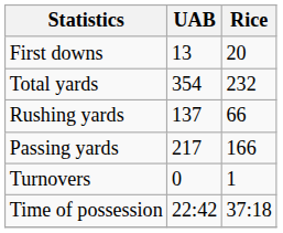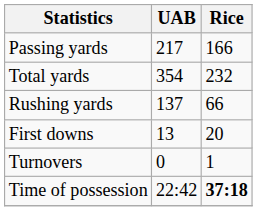 <table class="wikitable">
 <tr>
 <th>Statistics</th>
 <th>UAB</th>
 <th>Rice</th>
 </tr>
 <tr>
-<td>First downs</td>
-<td>13</td>
-<td>20</td>
+<td>Passing yards</td>
+<td>217</td>
+<td>166</td>
 </tr>
 <tr>
 <td>Total yards</td>
 <td>354</td>
 <td>232</td>
 </tr>
 <tr>
 <td>Rushing yards</td>
 <td>137</td>
 <td>66</td>
 </tr>
 <tr>
-<td>Passing yards</td>
-<td>217</td>
-<td>166</td>
+<td>First downs</td>
+<td>13</td>
+<td>20</td>
 </tr>
 <tr>
 <td>Turnovers</td>
 <td>0</td>
 <td>1</td>
 </tr>
 <tr>
 <td>Time of possession</td>
 <td>22:42</td>
-<td>37:18</td>
+<td><strong>37:18</strong></td>
 </tr>
 <tr>
 </tr>
 </table>
